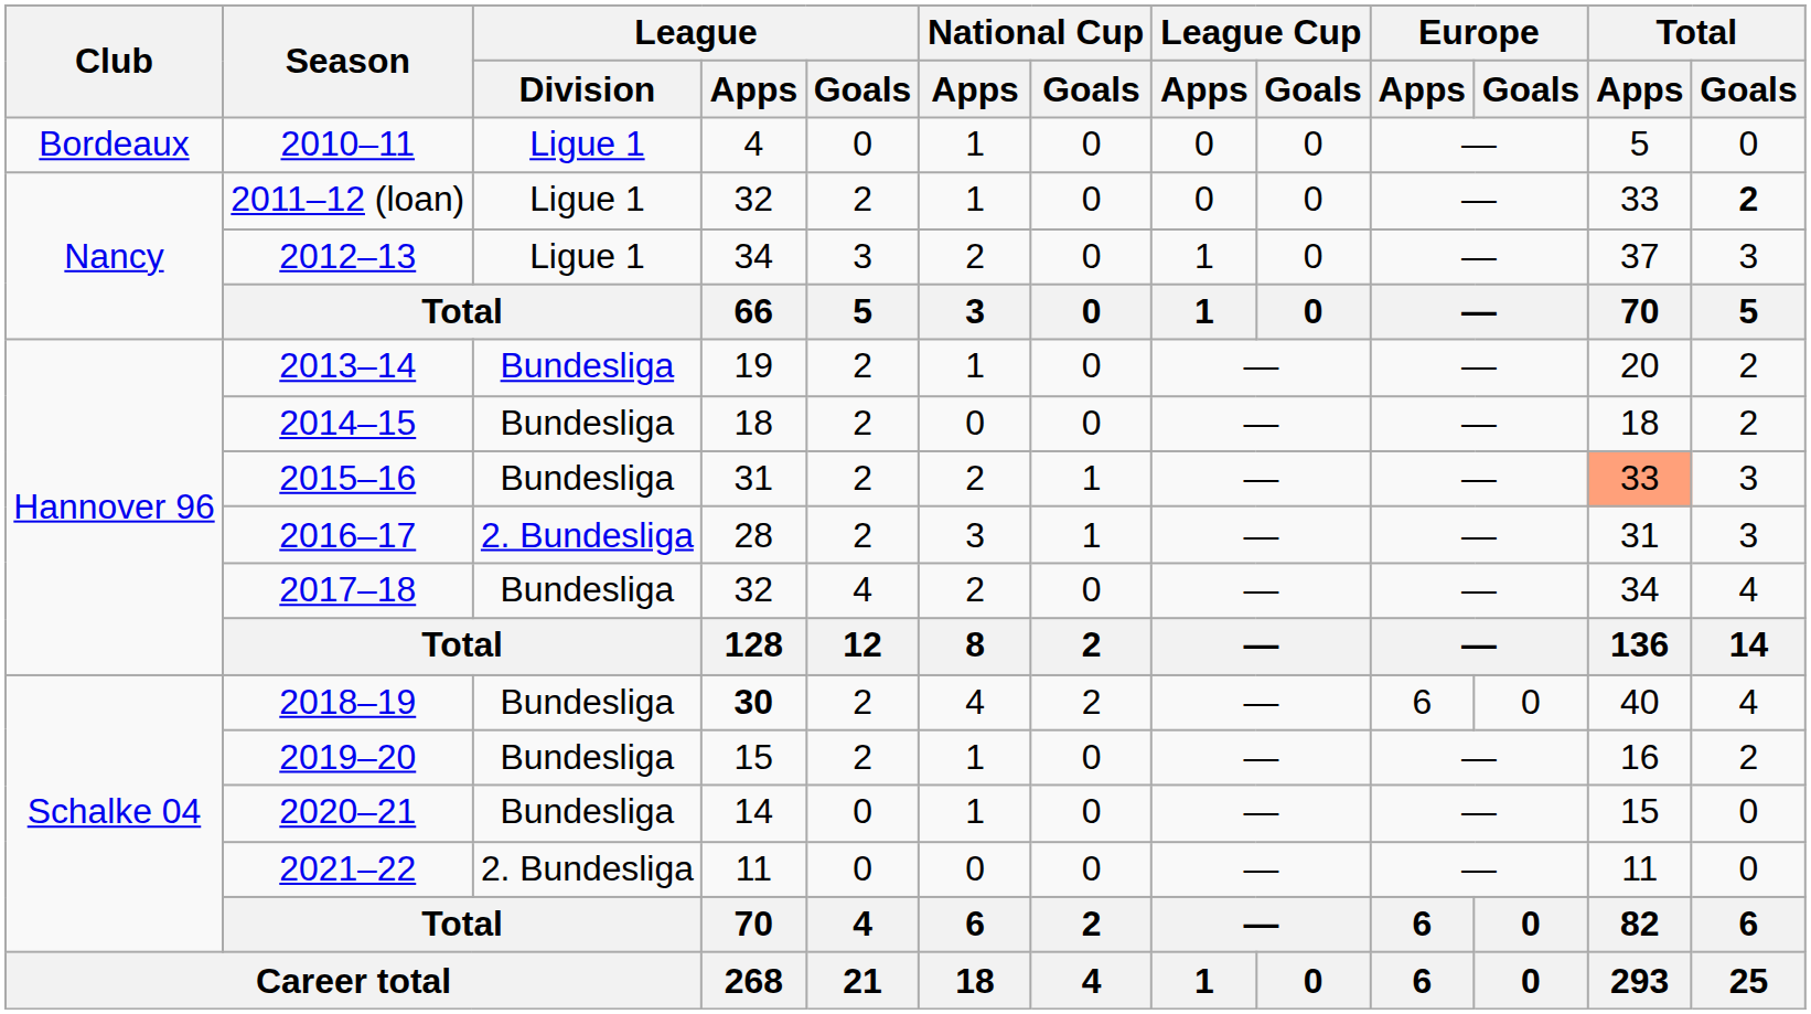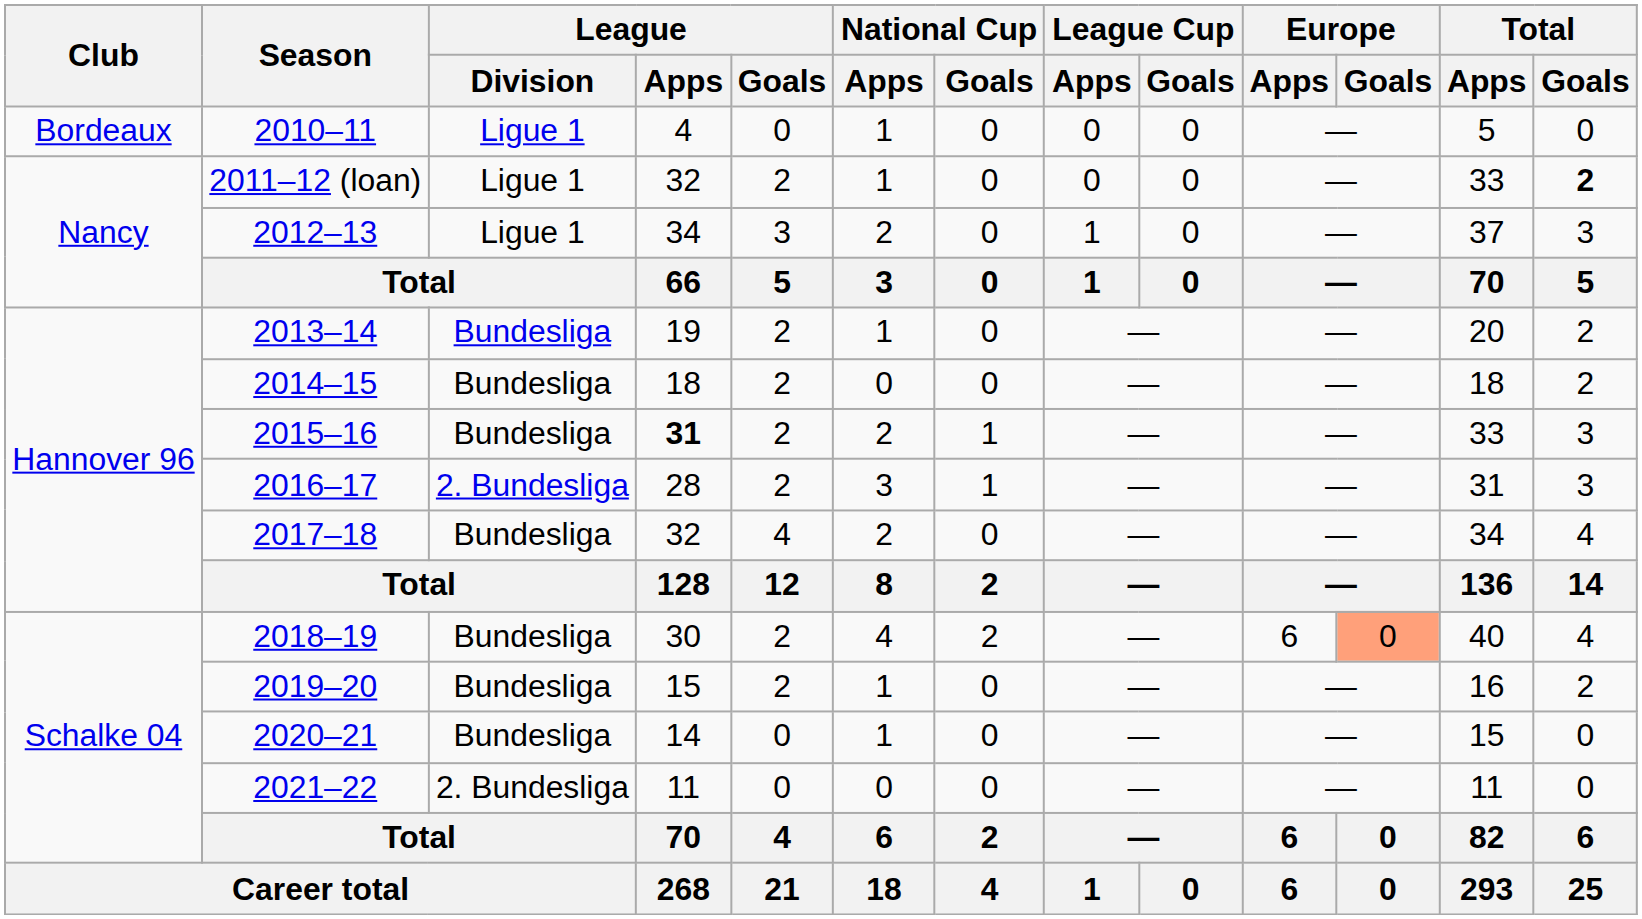 <table class=wikitable style="text-align: center;">
 <tr>
 <th rowspan="2">Club</th>
 <th rowspan="2">Season</th>
 <th colspan="3">League</th>
 <th colspan="2">National Cup</th>
 <th colspan="2">League Cup</th>
 <th colspan="2">Europe</th>
 <th colspan="2">Total</th>
 </tr>
 <tr>
 <th>Division</th>
 <th>Apps</th>
 <th>Goals</th>
 <th>Apps</th>
 <th>Goals</th>
 <th>Apps</th>
 <th>Goals</th>
 <th>Apps</th>
 <th>Goals</th>
 <th>Apps</th>
 <th>Goals</th>
 </tr>
 <tr>
 <td><a href='#'>Bordeaux</a></td>
 <td><a href='#'>2010–11</a></td>
 <td><a href='#'>Ligue 1</a></td>
 <td>4</td>
 <td>0</td>
 <td>1</td>
 <td>0</td>
 <td>0</td>
 <td>0</td>
 <td colspan="2">—</td>
 <td>5</td>
 <td>0</td>
 </tr>
 <tr>
 <td rowspan="3"><a href='#'>Nancy</a></td>
 <td><a href='#'>2011–12</a> (loan)</td>
 <td>Ligue 1</td>
 <td>32</td>
 <td>2</td>
 <td>1</td>
 <td>0</td>
 <td>0</td>
 <td>0</td>
 <td colspan="2">—</td>
 <td>33</td>
 <td><strong>2</strong></td>
 </tr>
 <tr>
 <td><a href='#'>2012–13</a></td>
 <td>Ligue 1</td>
 <td>34</td>
 <td>3</td>
 <td>2</td>
 <td>0</td>
 <td>1</td>
 <td>0</td>
 <td colspan="2">—</td>
 <td>37</td>
 <td>3</td>
 </tr>
 <tr>
 <th colspan="2">Total</th>
 <th>66</th>
 <th>5</th>
 <th>3</th>
 <th>0</th>
 <th>1</th>
 <th>0</th>
 <th colspan="2">—</th>
 <th>70</th>
 <th>5</th>
 </tr>
 <tr>
 <td rowspan="6"><a href='#'>Hannover 96</a></td>
 <td><a href='#'>2013–14</a></td>
 <td><a href='#'>Bundesliga</a></td>
 <td>19</td>
 <td>2</td>
 <td>1</td>
 <td>0</td>
 <td colspan="2">—</td>
 <td colspan="2">—</td>
 <td>20</td>
 <td>2</td>
 </tr>
 <tr>
 <td><a href='#'>2014–15</a></td>
 <td>Bundesliga</td>
 <td>18</td>
 <td>2</td>
 <td>0</td>
 <td>0</td>
 <td colspan="2">—</td>
 <td colspan="2">—</td>
 <td>18</td>
 <td>2</td>
 </tr>
 <tr>
 <td><a href='#'>2015–16</a></td>
 <td>Bundesliga</td>
-<td>31</td>
+<td><strong>31</strong></td>
 <td>2</td>
 <td>2</td>
 <td>1</td>
 <td colspan="2">—</td>
 <td colspan="2">—</td>
-<td style="background: lightsalmon;">33</td>
+<td>33</td>
 <td>3</td>
 </tr>
 <tr>
 <td><a href='#'>2016–17</a></td>
 <td><a href='#'>2. Bundesliga</a></td>
 <td>28</td>
 <td>2</td>
 <td>3</td>
 <td>1</td>
 <td colspan="2">—</td>
 <td colspan="2">—</td>
 <td>31</td>
 <td>3</td>
 </tr>
 <tr>
 <td><a href='#'>2017–18</a></td>
 <td>Bundesliga</td>
 <td>32</td>
 <td>4</td>
 <td>2</td>
 <td>0</td>
 <td colspan="2">—</td>
 <td colspan="2">—</td>
 <td>34</td>
 <td>4</td>
 </tr>
 <tr>
 <th colspan="2">Total</th>
 <th>128</th>
 <th>12</th>
 <th>8</th>
 <th>2</th>
 <th colspan="2">—</th>
 <th colspan="2">—</th>
 <th>136</th>
 <th>14</th>
 </tr>
 <tr>
 <td rowspan="5"><a href='#'>Schalke 04</a></td>
 <td><a href='#'>2018–19</a></td>
 <td>Bundesliga</td>
-<td><strong>30</strong></td>
+<td>30</td>
 <td>2</td>
 <td>4</td>
 <td>2</td>
 <td colspan="2">—</td>
 <td>6</td>
-<td>0</td>
+<td style="background: lightsalmon;">0</td>
 <td>40</td>
 <td>4</td>
 </tr>
 <tr>
 <td><a href='#'>2019–20</a></td>
 <td>Bundesliga</td>
 <td>15</td>
 <td>2</td>
 <td>1</td>
 <td>0</td>
 <td colspan="2">—</td>
 <td colspan="2">—</td>
 <td>16</td>
 <td>2</td>
 </tr>
 <tr>
 <td><a href='#'>2020–21</a></td>
 <td>Bundesliga</td>
 <td>14</td>
 <td>0</td>
 <td>1</td>
 <td>0</td>
 <td colspan="2">—</td>
 <td colspan="2">—</td>
 <td>15</td>
 <td>0</td>
 </tr>
 <tr>
 <td><a href='#'>2021–22</a></td>
 <td>2. Bundesliga</td>
 <td>11</td>
 <td>0</td>
 <td>0</td>
 <td>0</td>
 <td colspan="2">—</td>
 <td colspan="2">—</td>
 <td>11</td>
 <td>0</td>
 </tr>
 <tr>
 <th colspan="2">Total</th>
 <th>70</th>
 <th>4</th>
 <th>6</th>
 <th>2</th>
 <th colspan="2">—</th>
 <th>6</th>
 <th>0</th>
 <th>82</th>
 <th>6</th>
 </tr>
 <tr>
 <th colspan="3">Career total</th>
 <th>268</th>
 <th>21</th>
 <th>18</th>
 <th>4</th>
 <th>1</th>
 <th>0</th>
 <th>6</th>
 <th>0</th>
 <th>293</th>
 <th>25</th>
 </tr>
 </table>
